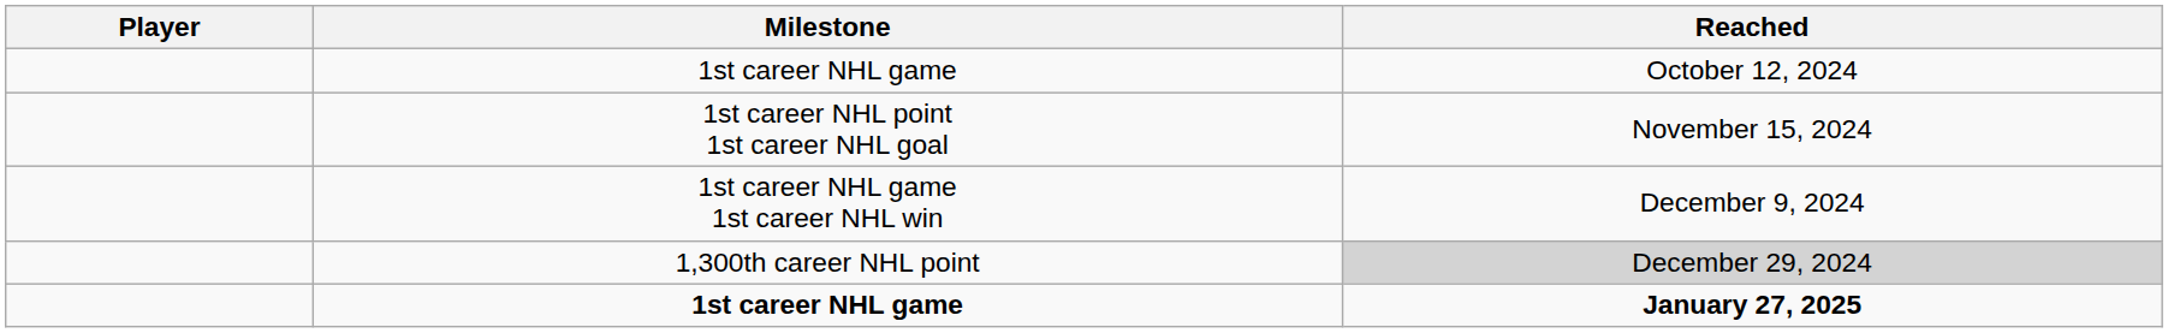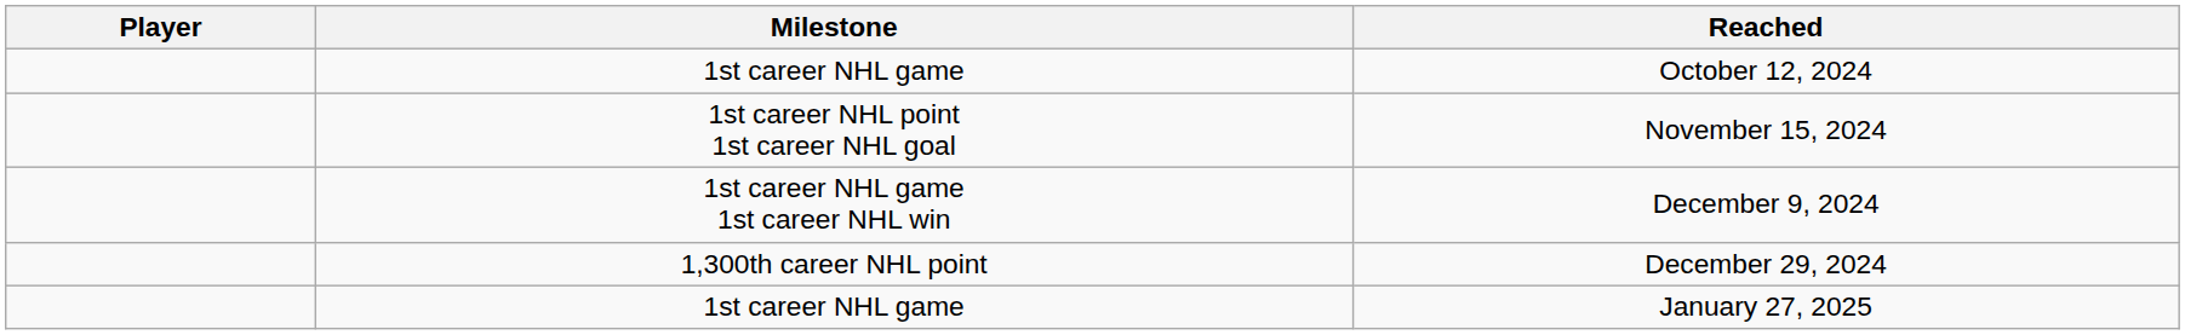 <table class="wikitable sortable" style="width:100%; text-align:center;">
 <tr>
 <th>Player</th>
 <th>Milestone</th>
 <th data-sort-type="date">Reached</th>
 </tr>
 <tr>
 <td></td>
 <td>1st career NHL game</td>
 <td>October 12, 2024</td>
 </tr>
 <tr>
 <td></td>
 <td>1st career NHL point<br>1st career NHL goal</td>
 <td>November 15, 2024</td>
 </tr>
 <tr>
 <td></td>
 <td>1st career NHL game<br>1st career NHL win</td>
 <td>December 9, 2024</td>
 </tr>
 <tr>
 <td></td>
 <td>1,300th career NHL point</td>
-<td style="background: lightgrey;">December 29, 2024</td>
+<td>December 29, 2024</td>
 </tr>
 <tr>
 <td></td>
-<td><strong>1st career NHL game</strong></td>
-<td><strong>January 27, 2025</strong></td>
+<td>1st career NHL game</td>
+<td>January 27, 2025</td>
 </tr>
 </table>
